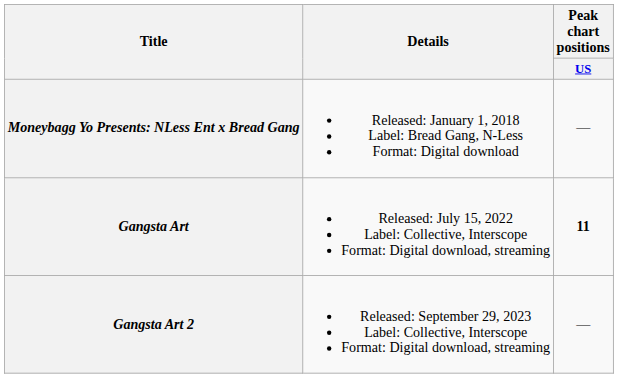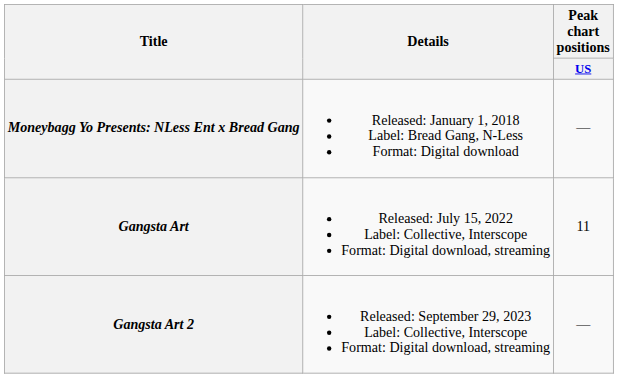 <table class="wikitable plainrowheaders" style="text-align:center;">
 <tr>
 <th rowspan="2">Title</th>
 <th rowspan="2">Details</th>
 <th>Peak chart positions</th>
 </tr>
 <tr>
 <th scope="col" style="width:3em;font-size:90%;"><a href='#'>US</a></th>
 </tr>
 <tr>
 <th scope="row"><em>Moneybagg Yo Presents: NLess Ent x Bread Gang</em><br></th>
 <td><br><ul><li>Released: January 1, 2018</li><li>Label: Bread Gang, N-Less</li><li>Format: Digital download</li></ul></td>
 <td>—</td>
 </tr>
 <tr>
 <th scope="row"><em>Gangsta Art</em><br></th>
 <td><br><ul><li>Released: July 15, 2022</li><li>Label: Collective, Interscope</li><li>Format: Digital download, streaming</li></ul></td>
-<td><strong>11<br></strong></td>
+<td>11<br></td>
 </tr>
 <tr>
 <th scope="row"><em>Gangsta Art 2</em><br></th>
 <td><br><ul><li>Released: September 29, 2023</li><li>Label: Collective, Interscope</li><li>Format: Digital download, streaming</li></ul></td>
 <td>—</td>
 </tr>
 </table>
